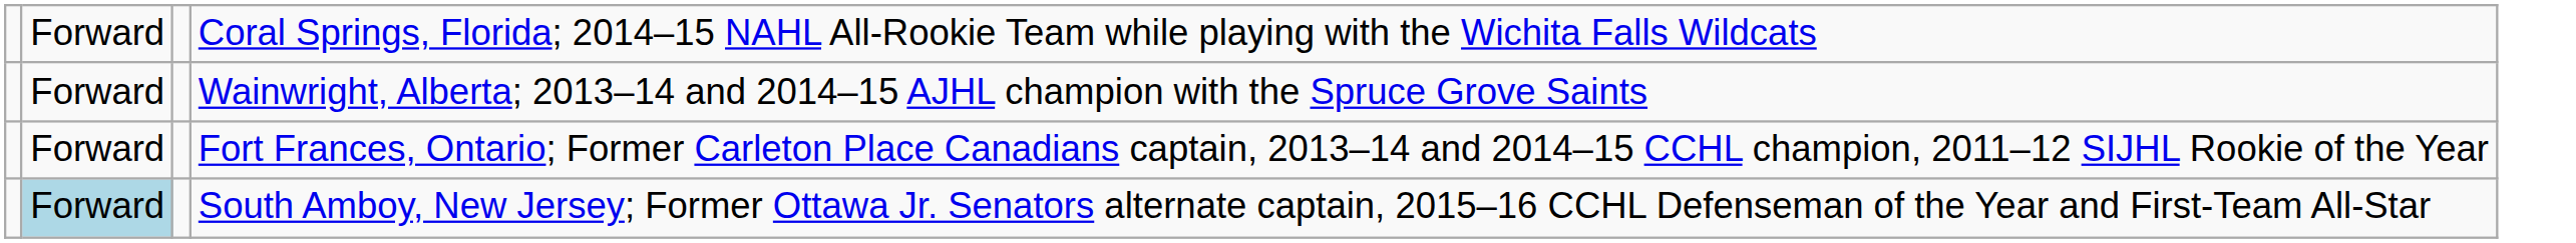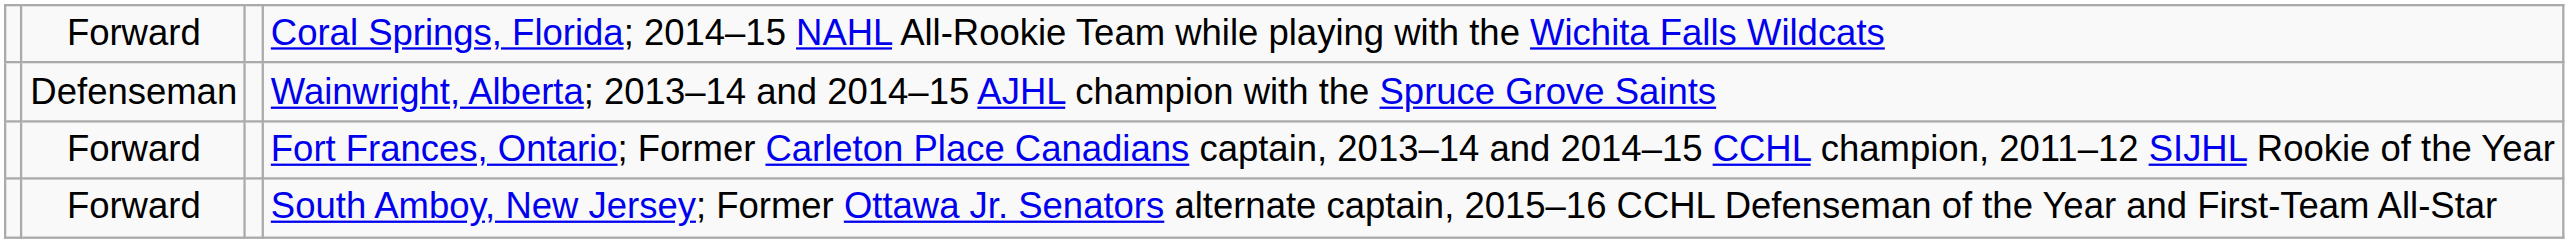 <table class="wikitable sortable" style="text-align:center;">
 <tr>
 <td></td>
 <td>Forward</td>
 <td></td>
 <td align=left><a href='#'>Coral Springs, Florida</a>; 2014–15 <a href='#'>NAHL</a> All-Rookie Team while playing with the <a href='#'>Wichita Falls Wildcats</a></td>
 </tr>
 <tr>
 <td></td>
-<td>Forward</td>
+<td>Defenseman</td>
 <td></td>
 <td align=left><a href='#'>Wainwright, Alberta</a>; 2013–14 and 2014–15 <a href='#'>AJHL</a> champion with the <a href='#'>Spruce Grove Saints</a></td>
 </tr>
 <tr>
 <td></td>
 <td>Forward</td>
 <td></td>
 <td align=left><a href='#'>Fort Frances, Ontario</a>; Former <a href='#'>Carleton Place Canadians</a> captain, 2013–14 and 2014–15 <a href='#'>CCHL</a> champion, 2011–12 <a href='#'>SIJHL</a> Rookie of the Year</td>
 </tr>
 <tr>
 <td class=nowrap></td>
-<td style="background: lightblue;">Forward</td>
+<td>Forward</td>
 <td></td>
 <td align=left><a href='#'>South Amboy, New Jersey</a>; Former <a href='#'>Ottawa Jr. Senators</a> alternate captain, 2015–16 CCHL Defenseman of the Year and First-Team All-Star</td>
 </tr>
 </table>
